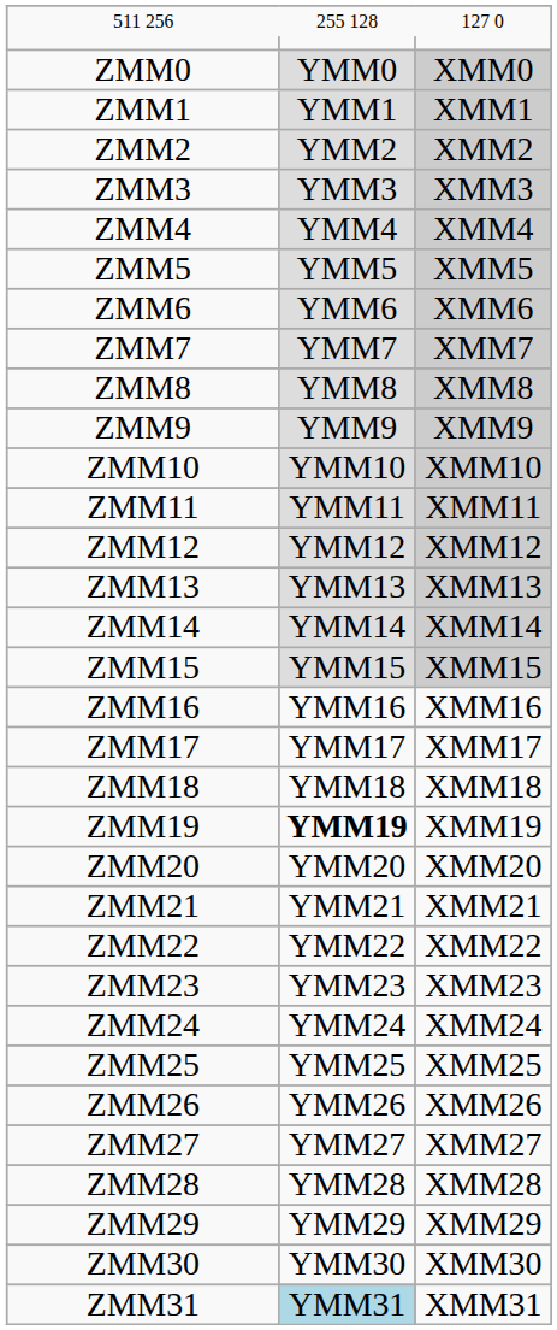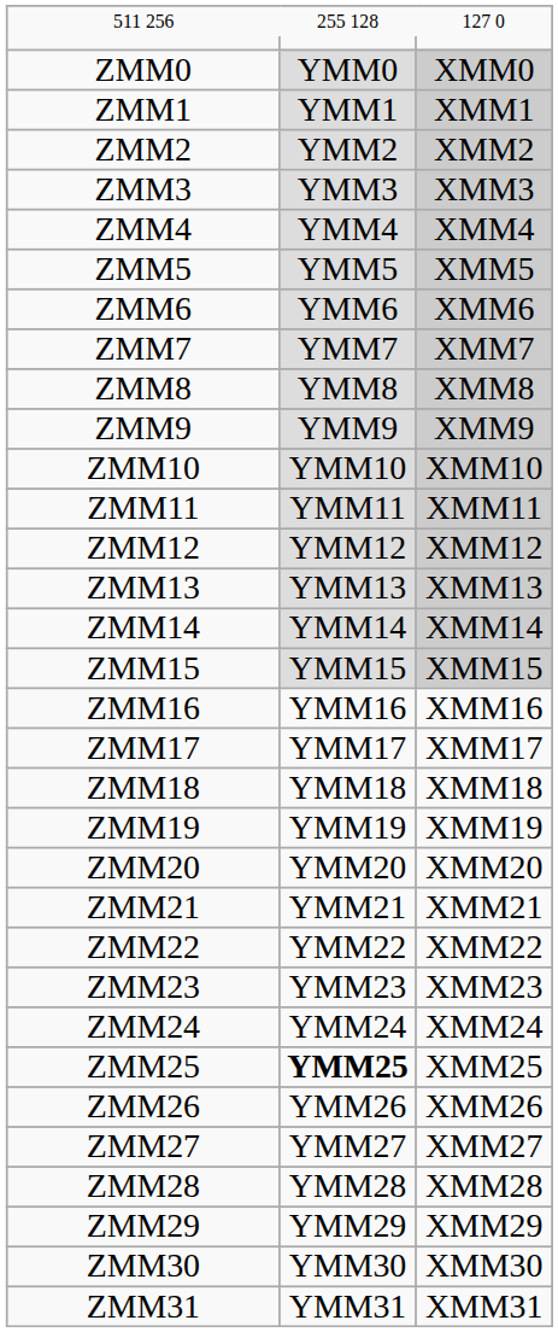 <table class="wikitable floatright" style="margin-left: 1rem; text-align: center; line-height: normal">
 <tr>
 <td style="width: 50%; border: none; font-size: xx-small;"><span>511</span> <span>256</span></td>
 <td style="width: 25%; border: none; font-size: xx-small;"><span>255</span> <span>128</span></td>
 <td style="width: 25%; border: none; font-size: xx-small;"><span>127</span> <span>0</span></td>
 </tr>
 <tr>
 <td style="border-top: none"></td>
 <td style="border-top: none"></td>
 <td style="border-top: none"></td>
 </tr>
 <tr>
 <td style="padding: 0">  ZMM0  </td>
 <td style="padding: 0; background: #ddd">  YMM0  </td>
 <td style="padding: 0; background: #ccc">  XMM0  </td>
 </tr>
 <tr>
 <td style="padding: 0">ZMM1</td>
 <td style="padding: 0; background: #ddd">YMM1</td>
 <td style="padding: 0; background: #ccc">XMM1</td>
 </tr>
 <tr>
 <td style="padding: 0">ZMM2</td>
 <td style="padding: 0; background: #ddd">YMM2</td>
 <td style="padding: 0; background: #ccc">XMM2</td>
 </tr>
 <tr>
 <td style="padding: 0">ZMM3</td>
 <td style="padding: 0; background: #ddd">YMM3</td>
 <td style="padding: 0; background: #ccc">XMM3</td>
 </tr>
 <tr>
 <td style="padding: 0">ZMM4</td>
 <td style="padding: 0; background: #ddd">YMM4</td>
 <td style="padding: 0; background: #ccc">XMM4</td>
 </tr>
 <tr>
 <td style="padding: 0">ZMM5</td>
 <td style="padding: 0; background: #ddd">YMM5</td>
 <td style="padding: 0; background: #ccc">XMM5</td>
 </tr>
 <tr>
 <td style="padding: 0">ZMM6</td>
 <td style="padding: 0; background: #ddd">YMM6</td>
 <td style="padding: 0; background: #ccc">XMM6</td>
 </tr>
 <tr>
 <td style="padding: 0">ZMM7</td>
 <td style="padding: 0; background: #ddd">YMM7</td>
 <td style="padding: 0; background: #ccc">XMM7</td>
 </tr>
 <tr>
 <td style="padding: 0">ZMM8</td>
 <td style="padding: 0; background: #ddd">YMM8</td>
 <td style="padding: 0; background: #ccc">XMM8</td>
 </tr>
 <tr>
 <td style="padding: 0">ZMM9</td>
 <td style="padding: 0; background: #ddd">YMM9</td>
 <td style="padding: 0; background: #ccc">XMM9</td>
 </tr>
 <tr>
 <td style="padding: 0">ZMM10</td>
 <td style="padding: 0; background: #ddd">YMM10</td>
 <td style="padding: 0; background: #ccc">XMM10</td>
 </tr>
 <tr>
 <td style="padding: 0">ZMM11</td>
 <td style="padding: 0; background: #ddd">YMM11</td>
 <td style="padding: 0; background: #ccc">XMM11</td>
 </tr>
 <tr>
 <td style="padding: 0">ZMM12</td>
 <td style="padding: 0; background: #ddd">YMM12</td>
 <td style="padding: 0; background: #ccc">XMM12</td>
 </tr>
 <tr>
 <td style="padding: 0">ZMM13</td>
 <td style="padding: 0; background: #ddd">YMM13</td>
 <td style="padding: 0; background: #ccc">XMM13</td>
 </tr>
 <tr>
 <td style="padding: 0">ZMM14</td>
 <td style="padding: 0; background: #ddd">YMM14</td>
 <td style="padding: 0; background: #ccc">XMM14</td>
 </tr>
 <tr>
 <td style="padding: 0">ZMM15</td>
 <td style="padding: 0; background: #ddd">YMM15</td>
 <td style="padding: 0; background: #ccc">XMM15</td>
 </tr>
 <tr>
 <td style="padding: 0">ZMM16</td>
 <td style="padding: 0">YMM16</td>
 <td style="padding: 0">XMM16</td>
 </tr>
 <tr>
 <td style="padding: 0">ZMM17</td>
 <td style="padding: 0">YMM17</td>
 <td style="padding: 0">XMM17</td>
 </tr>
 <tr>
 <td style="padding: 0">ZMM18</td>
 <td style="padding: 0">YMM18</td>
 <td style="padding: 0">XMM18</td>
 </tr>
 <tr>
 <td style="padding: 0">ZMM19</td>
-<td style="padding: 0"><strong>YMM19</strong></td>
+<td style="padding: 0">YMM19</td>
 <td style="padding: 0">XMM19</td>
 </tr>
 <tr>
 <td style="padding: 0">ZMM20</td>
 <td style="padding: 0">YMM20</td>
 <td style="padding: 0">XMM20</td>
 </tr>
 <tr>
 <td style="padding: 0">ZMM21</td>
 <td style="padding: 0">YMM21</td>
 <td style="padding: 0">XMM21</td>
 </tr>
 <tr>
 <td style="padding: 0">ZMM22</td>
 <td style="padding: 0">YMM22</td>
 <td style="padding: 0">XMM22</td>
 </tr>
 <tr>
 <td style="padding: 0">ZMM23</td>
 <td style="padding: 0">YMM23</td>
 <td style="padding: 0">XMM23</td>
 </tr>
 <tr>
 <td style="padding: 0">ZMM24</td>
 <td style="padding: 0">YMM24</td>
 <td style="padding: 0">XMM24</td>
 </tr>
 <tr>
 <td style="padding: 0">ZMM25</td>
-<td style="padding: 0">YMM25</td>
+<td style="padding: 0"><strong>YMM25</strong></td>
 <td style="padding: 0">XMM25</td>
 </tr>
 <tr>
 <td style="padding: 0">ZMM26</td>
 <td style="padding: 0">YMM26</td>
 <td style="padding: 0">XMM26</td>
 </tr>
 <tr>
 <td style="padding: 0">ZMM27</td>
 <td style="padding: 0">YMM27</td>
 <td style="padding: 0">XMM27</td>
 </tr>
 <tr>
 <td style="padding: 0">ZMM28</td>
 <td style="padding: 0">YMM28</td>
 <td style="padding: 0">XMM28</td>
 </tr>
 <tr>
 <td style="padding: 0">ZMM29</td>
 <td style="padding: 0">YMM29</td>
 <td style="padding: 0">XMM29</td>
 </tr>
 <tr>
 <td style="padding: 0">ZMM30</td>
 <td style="padding: 0">YMM30</td>
 <td style="padding: 0">XMM30</td>
 </tr>
 <tr>
 <td style="padding: 0">ZMM31</td>
-<td style="background: lightblue; padding: 0">YMM31</td>
+<td style="padding: 0">YMM31</td>
 <td style="padding: 0">XMM31</td>
 </tr>
 </table>
